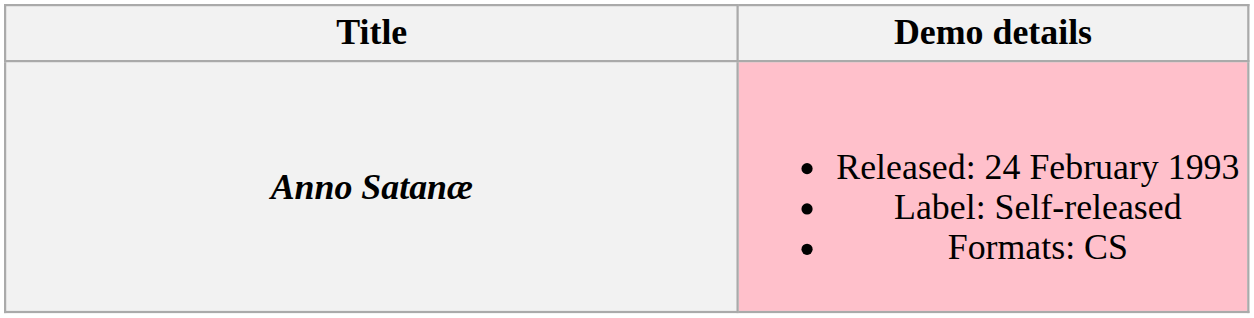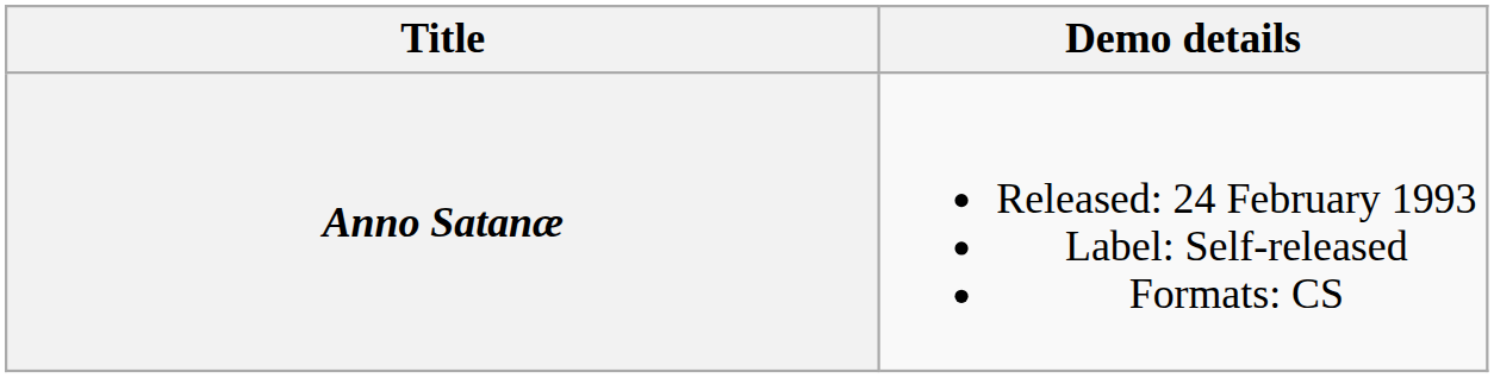 <table class="wikitable plainrowheaders" style="text-align:center;">
 <tr>
 <th scope="col" style="width:20em;">Title</th>
 <th scope="col">Demo details</th>
 </tr>
 <tr>
 <th scope="row"><em>Anno Satanæ</em></th>
-<td style="background: pink;"><br><ul><li>Released: 24 February 1993</li><li>Label: Self-released</li><li>Formats: CS</li></ul></td>
+<td><br><ul><li>Released: 24 February 1993</li><li>Label: Self-released</li><li>Formats: CS</li></ul></td>
 </tr>
 </table>
